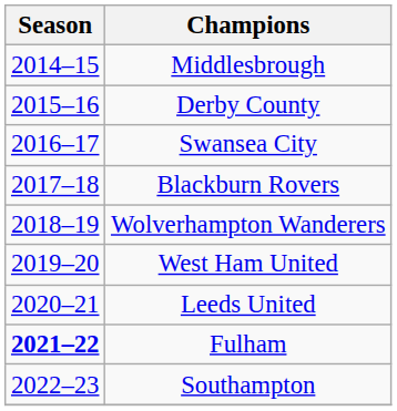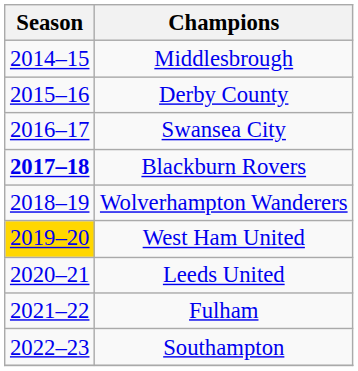 <table class="wikitable">
 <tr>
 <th>Season</th>
 <th>Champions</th>
 </tr>
 <tr>
 <td><a href='#'>2014–15</a></td>
 <td style="text-align:center;"><a href='#'>Middlesbrough</a></td>
 </tr>
 <tr>
 <td><a href='#'>2015–16</a></td>
 <td style="text-align:center;"><a href='#'>Derby County</a></td>
 </tr>
 <tr>
 <td><a href='#'>2016–17</a></td>
 <td style="text-align:center;"><a href='#'>Swansea City</a></td>
 </tr>
 <tr>
-<td><a href='#'>2017–18</a></td>
+<td><strong><a href='#'>2017–18</a></strong></td>
 <td style="text-align:center;"><a href='#'>Blackburn Rovers</a></td>
 </tr>
 <tr>
 <td><a href='#'>2018–19</a></td>
 <td style="text-align:center;"><a href='#'>Wolverhampton Wanderers</a></td>
 </tr>
 <tr>
-<td><a href='#'>2019–20</a></td>
+<td style="background: gold;"><a href='#'>2019–20</a></td>
 <td style="text-align:center;"><a href='#'>West Ham United</a></td>
 </tr>
 <tr>
 <td><a href='#'>2020–21</a></td>
 <td style="text-align:center;"><a href='#'>Leeds United</a></td>
 </tr>
 <tr>
-<td><strong><a href='#'>2021–22</a></strong></td>
+<td><a href='#'>2021–22</a></td>
 <td style="text-align:center;"><a href='#'>Fulham</a></td>
 </tr>
 <tr>
 <td><a href='#'>2022–23</a></td>
 <td style="text-align:center;"><a href='#'>Southampton</a></td>
 </tr>
 <tr>
 </tr>
 </table>
